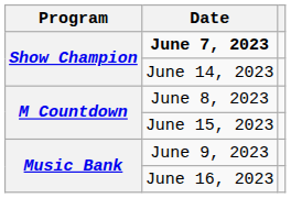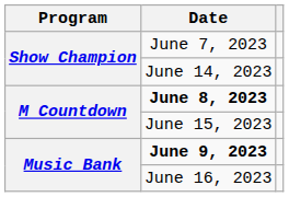 <table class="wikitable plainrowheaders" style="text-align:center;">
 <tr>
 <th>Program</th>
 <th>Date</th>
 <th class="unsortable"></th>
 </tr>
 <tr>
 <th scope="row" rowspan="2"><em><a href='#'>Show Champion</a></em></th>
-<td><strong>June 7, 2023</strong></td>
+<td>June 7, 2023</td>
 <td style="text-align:center"></td>
 </tr>
 <tr>
 <td>June 14, 2023</td>
 <td style="text-align:center"></td>
 </tr>
 <tr>
 <th scope="row" rowspan="2"><em><a href='#'>M Countdown</a></em></th>
-<td>June 8, 2023</td>
+<td><strong>June 8, 2023</strong></td>
 <td style="text-align:center"></td>
 </tr>
 <tr>
 <td>June 15, 2023</td>
 <td style="text-align:center"></td>
 </tr>
 <tr>
 <th scope="row" rowspan="2"><em><a href='#'>Music Bank</a></em></th>
-<td>June 9, 2023</td>
+<td><strong>June 9, 2023</strong></td>
 <td style="text-align:center"></td>
 </tr>
 <tr>
 <td>June 16, 2023</td>
 <td style="text-align:center"></td>
 </tr>
 </table>
